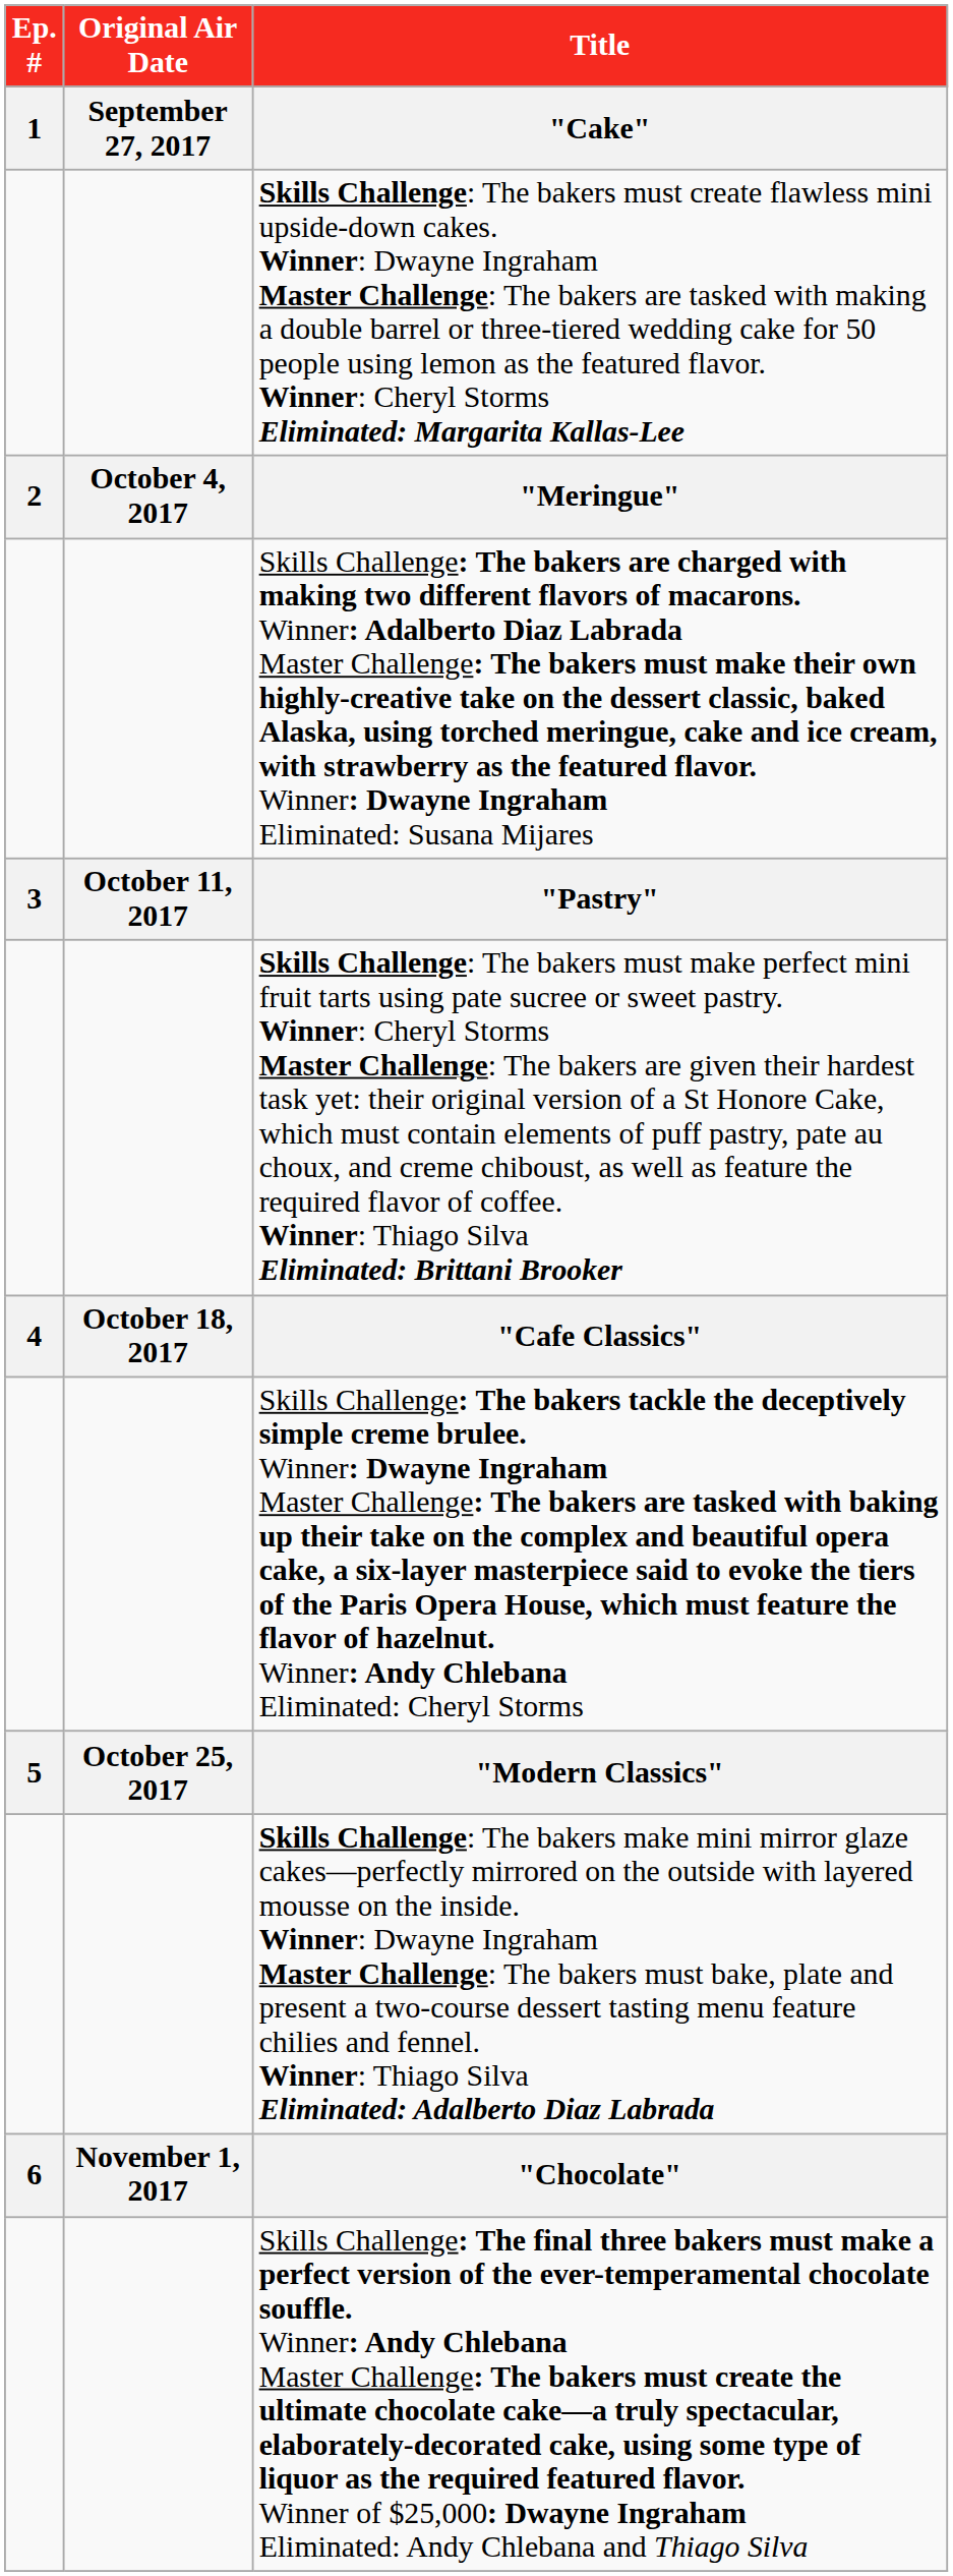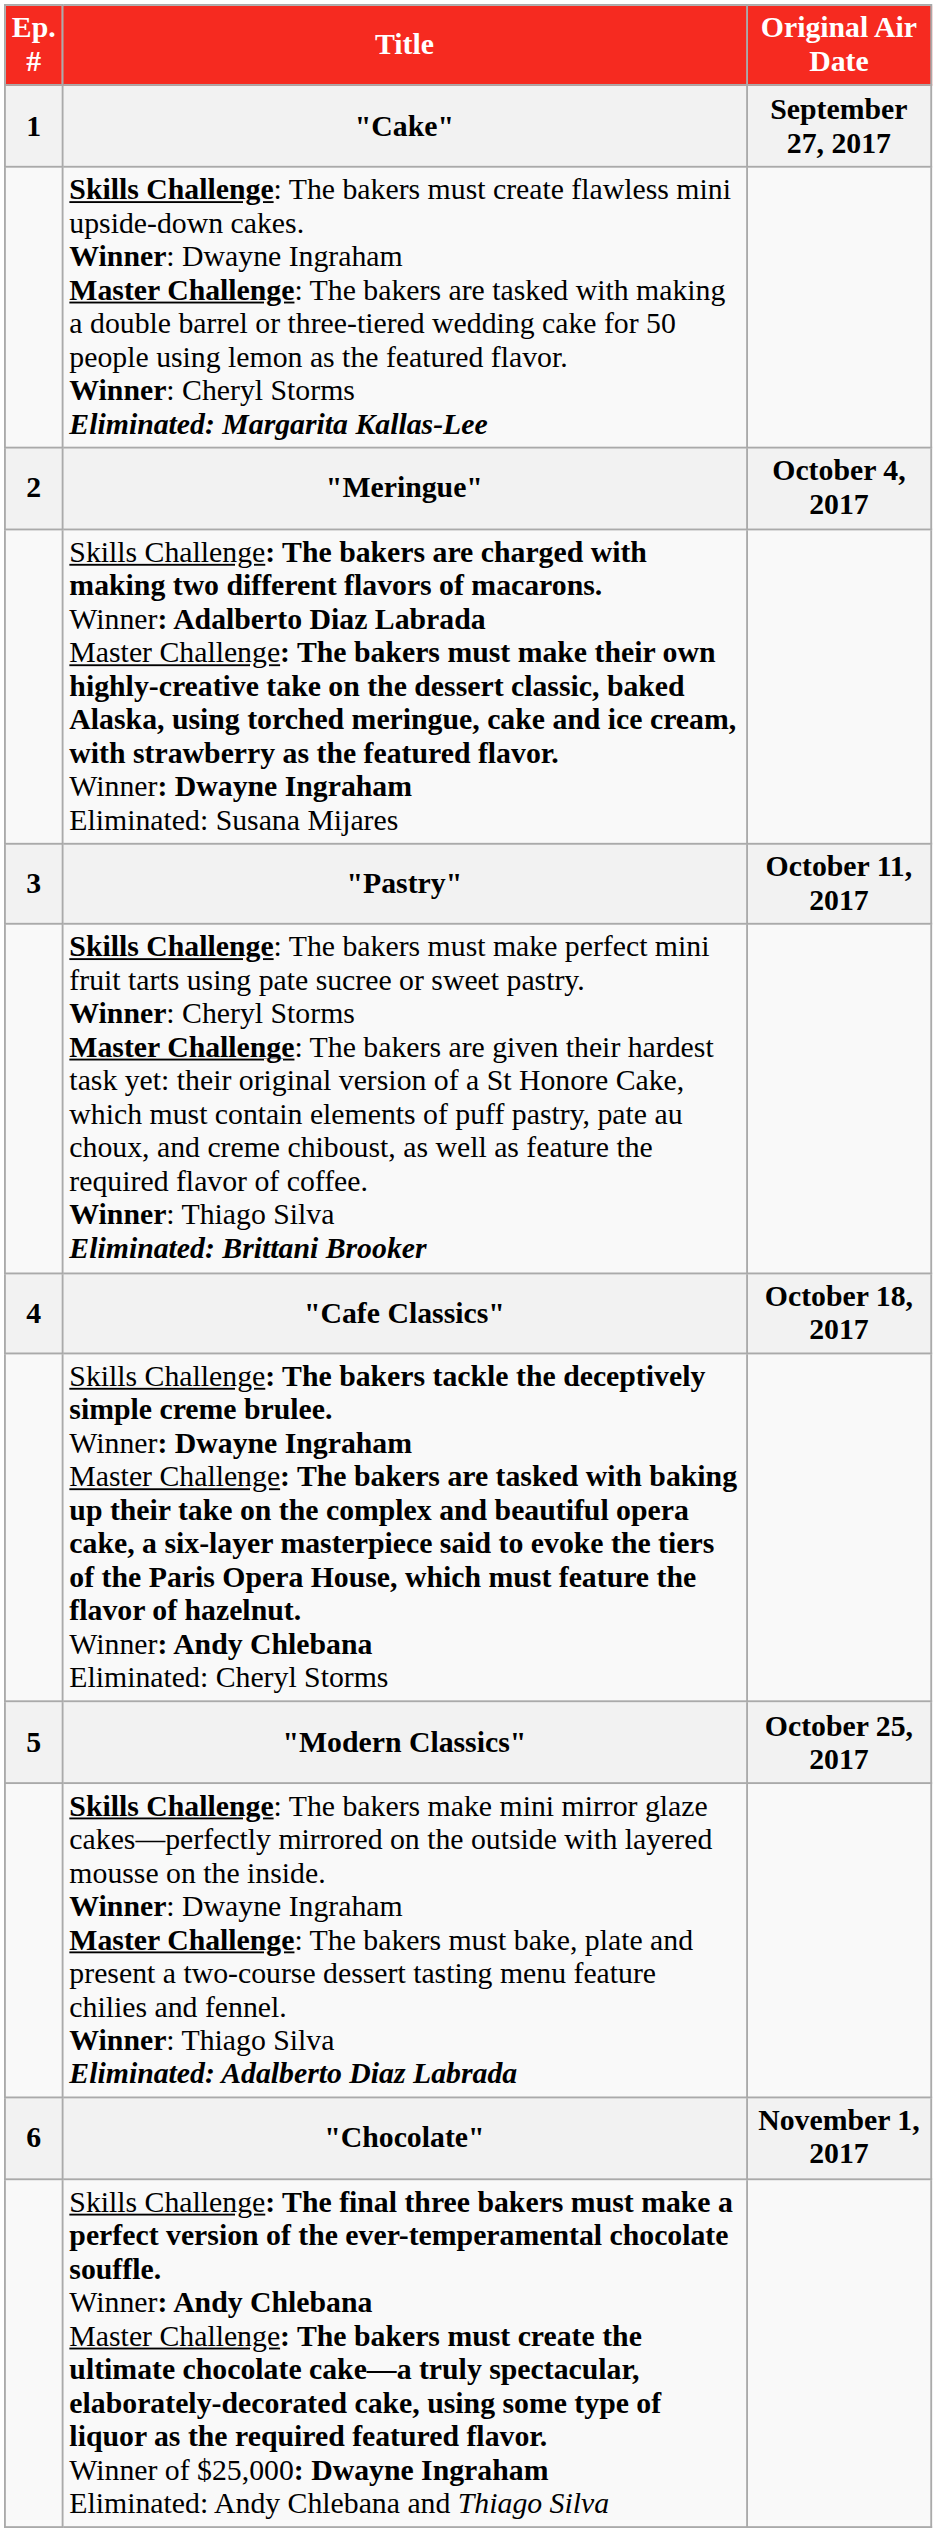 <table class="wikitable plainrowheaders" style="width:80%;">
 <tr>
 <th style="background-color: #f62a20; color: #FFFFFF;" width=5%>Ep. #</th>
+<th style="background-color: #f62a20; color: #FFFFFF;">Title</th>
 <th style="background-color: #f62a20; color: #FFFFFF;" width=20%>Original Air Date</th>
-<th style="background-color: #f62a20; color: #FFFFFF;">Title</th>
 </tr>
 <tr>
 <th align="center">1</th>
+<th>"Cake"</th>
 <th>September 27, 2017</th>
-<th>"Cake"</th>
 </tr>
 <tr>
 <td></td>
+<td><strong><u>Skills Challenge</u></strong>: The bakers must create flawless mini upside-down cakes.<br><strong>Winner</strong>: Dwayne Ingraham<br><strong><u>Master Challenge</u></strong>: The bakers are tasked with making a double barrel or three-tiered wedding cake for 50 people using lemon as the featured flavor.<br><strong>Winner</strong>: Cheryl Storms<br><strong><em>Eliminated<strong>:<em> </em>Margarita Kallas-Lee<em></td>
 <td></td>
-<td><strong><u>Skills Challenge</u></strong>: The bakers must create flawless mini upside-down cakes.<br><strong>Winner</strong>: Dwayne Ingraham<br><strong><u>Master Challenge</u></strong>: The bakers are tasked with making a double barrel or three-tiered wedding cake for 50 people using lemon as the featured flavor.<br><strong>Winner</strong>: Cheryl Storms<br><strong><em>Eliminated<strong>:<em> </em>Margarita Kallas-Lee<em></td>
 </tr>
 <tr>
 <th align="center">2</th>
+<th>"Meringue"</th>
 <th>October 4, 2017</th>
-<th>"Meringue"</th>
 </tr>
 <tr>
 <td></td>
+<td></strong><u>Skills Challenge</u><strong>: The bakers are charged with making two different flavors of macarons.<br></strong>Winner<strong>: Adalberto Diaz Labrada<br></strong><u>Master Challenge</u><strong>: The bakers must make their own highly-creative take on the dessert classic, baked Alaska, using torched meringue, cake and ice cream, with strawberry as the featured flavor.<br></strong>Winner<strong>: Dwayne Ingraham<br></em></strong>Eliminated</strong>: Susana Mijares</em></td>
 <td></td>
-<td></strong><u>Skills Challenge</u><strong>: The bakers are charged with making two different flavors of macarons.<br></strong>Winner<strong>: Adalberto Diaz Labrada<br></strong><u>Master Challenge</u><strong>: The bakers must make their own highly-creative take on the dessert classic, baked Alaska, using torched meringue, cake and ice cream, with strawberry as the featured flavor.<br></strong>Winner<strong>: Dwayne Ingraham<br></em></strong>Eliminated</strong>: Susana Mijares</em></td>
 </tr>
 <tr>
 <th align="center">3</th>
+<th>"Pastry"</th>
 <th>October 11, 2017</th>
-<th>"Pastry"</th>
 </tr>
 <tr>
 <td></td>
+<td><strong><u>Skills Challenge</u></strong>: The bakers must make perfect mini fruit tarts using pate sucree or sweet pastry.<br><strong>Winner</strong>: Cheryl Storms<br><strong><u>Master Challenge</u></strong>: The bakers are given their hardest task yet: their original version of a St Honore Cake, which must contain elements of puff pastry, pate au choux, and creme chiboust, as well as feature the required flavor of coffee.<br><strong>Winner</strong>: Thiago Silva<br><strong><em>Eliminated<strong>: Brittani Brooker<em></td>
 <td></td>
-<td><strong><u>Skills Challenge</u></strong>: The bakers must make perfect mini fruit tarts using pate sucree or sweet pastry.<br><strong>Winner</strong>: Cheryl Storms<br><strong><u>Master Challenge</u></strong>: The bakers are given their hardest task yet: their original version of a St Honore Cake, which must contain elements of puff pastry, pate au choux, and creme chiboust, as well as feature the required flavor of coffee.<br><strong>Winner</strong>: Thiago Silva<br><strong><em>Eliminated<strong>: Brittani Brooker<em></td>
 </tr>
 <tr>
 <th align="center">4</th>
+<th>"Cafe Classics"</th>
 <th>October 18, 2017</th>
-<th>"Cafe Classics"</th>
 </tr>
 <tr>
 <td></td>
+<td></strong><u>Skills Challenge</u><strong>: The bakers tackle the deceptively simple creme brulee.<br></strong>Winner<strong>: Dwayne Ingraham<br></strong><u>Master Challenge</u><strong>: The bakers are tasked with baking up their take on the complex and beautiful opera cake, a six-layer masterpiece said to evoke the tiers of the Paris Opera House, which must feature the flavor of hazelnut.<br></strong>Winner<strong>: Andy Chlebana<br></em></strong>Eliminated</strong>: Cheryl Storms</em></td>
 <td></td>
-<td></strong><u>Skills Challenge</u><strong>: The bakers tackle the deceptively simple creme brulee.<br></strong>Winner<strong>: Dwayne Ingraham<br></strong><u>Master Challenge</u><strong>: The bakers are tasked with baking up their take on the complex and beautiful opera cake, a six-layer masterpiece said to evoke the tiers of the Paris Opera House, which must feature the flavor of hazelnut.<br></strong>Winner<strong>: Andy Chlebana<br></em></strong>Eliminated</strong>: Cheryl Storms</em></td>
 </tr>
 <tr>
 <th>5</th>
+<th>"Modern Classics"</th>
 <th>October 25, 2017</th>
-<th>"Modern Classics"</th>
 </tr>
 <tr>
 <td></td>
+<td><strong><u>Skills Challenge</u></strong>: The bakers make mini mirror glaze cakes—perfectly mirrored on the outside with layered mousse on the inside.<br><strong>Winner</strong>: Dwayne Ingraham<br><strong><u>Master Challenge</u></strong>: The bakers must bake, plate and present a two-course dessert tasting menu feature chilies and fennel.<br><strong>Winner</strong>: Thiago Silva<br><strong><em>Eliminated<strong>: Adalberto Diaz Labrada<em></td>
 <td></td>
-<td><strong><u>Skills Challenge</u></strong>: The bakers make mini mirror glaze cakes—perfectly mirrored on the outside with layered mousse on the inside.<br><strong>Winner</strong>: Dwayne Ingraham<br><strong><u>Master Challenge</u></strong>: The bakers must bake, plate and present a two-course dessert tasting menu feature chilies and fennel.<br><strong>Winner</strong>: Thiago Silva<br><strong><em>Eliminated<strong>: Adalberto Diaz Labrada<em></td>
 </tr>
 <tr>
 <th>6</th>
+<th>"Chocolate"</th>
 <th>November 1, 2017</th>
-<th>"Chocolate"</th>
 </tr>
 <tr>
 <td></td>
+<td></strong><u>Skills Challenge</u><strong>: The final three bakers must make a perfect version of the ever-temperamental chocolate souffle.<br></strong>Winner<strong>: Andy Chlebana<br></strong><u>Master Challenge</u><strong>: The bakers must create the ultimate chocolate cake—a truly spectacular, elaborately-decorated cake, using some type of liquor as the required featured flavor.<br></strong>Winner of $25,000<strong>: Dwayne Ingraham<br></em></strong>Eliminated</strong>: Andy Chlebana</em> and <em>Thiago Silva</em></td>
 <td></td>
-<td></strong><u>Skills Challenge</u><strong>: The final three bakers must make a perfect version of the ever-temperamental chocolate souffle.<br></strong>Winner<strong>: Andy Chlebana<br></strong><u>Master Challenge</u><strong>: The bakers must create the ultimate chocolate cake—a truly spectacular, elaborately-decorated cake, using some type of liquor as the required featured flavor.<br></strong>Winner of $25,000<strong>: Dwayne Ingraham<br></em></strong>Eliminated</strong>: Andy Chlebana</em> and <em>Thiago Silva</em></td>
 </tr>
 </table>
